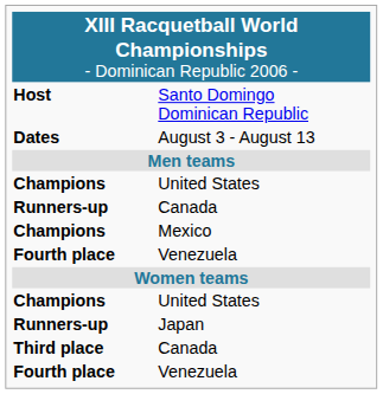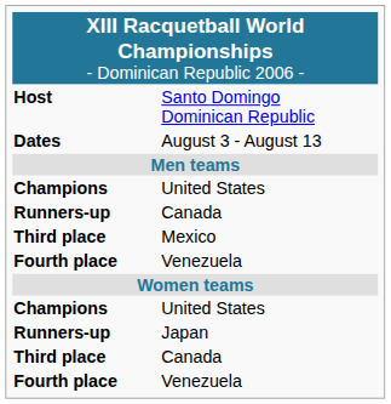 <table class="infobox" style="font-size: 90%; width: 22em;">
 <tr>
 <td colspan="2" style="background: #227799; text-align: center; color:#ffffff;"><big><strong>XIII Racquetball World Championships</strong></big><br>- Dominican Republic 2006 -</td>
 </tr>
 <tr style="vertical-align:top;">
 <td><strong>Host</strong></td>
 <td><a href='#'>Santo Domingo</a> <br> <a href='#'>Dominican Republic</a></td>
 </tr>
 <tr style="vertical-align:top;">
 <td><strong>Dates</strong></td>
 <td>August 3 - August 13</td>
 </tr>
 <tr style="vertical-align:top;">
 <td colspan="2" style="background: #dfdfdf; text-align: center; color:#227799;"><strong>Men teams</strong></td>
 </tr>
 <tr style="vertical-align:top;">
 <td><strong>Champions</strong> </td>
 <td> United States</td>
 </tr>
 <tr>
 <td><strong>Runners-up</strong> </td>
 <td> Canada</td>
 </tr>
 <tr>
-<td><strong>Champions</strong> </td>
+<td><strong>Third place</strong> </td>
 <td> Mexico</td>
 </tr>
 <tr>
 <td><strong>Fourth place</strong></td>
 <td> Venezuela</td>
 </tr>
 <tr style="vertical-align:top;">
 <td colspan="2" style="background: #dfdfdf; text-align: center; color:#227799;"><strong>Women teams</strong></td>
 </tr>
 <tr style="vertical-align:top;">
 <td><strong>Champions</strong> </td>
 <td> United States</td>
 </tr>
 <tr>
 <td><strong>Runners-up</strong> </td>
 <td> Japan</td>
 </tr>
 <tr>
 <td><strong>Third place</strong> </td>
 <td> Canada</td>
 </tr>
 <tr>
 <td><strong>Fourth place</strong></td>
 <td> Venezuela</td>
 </tr>
 </table>
